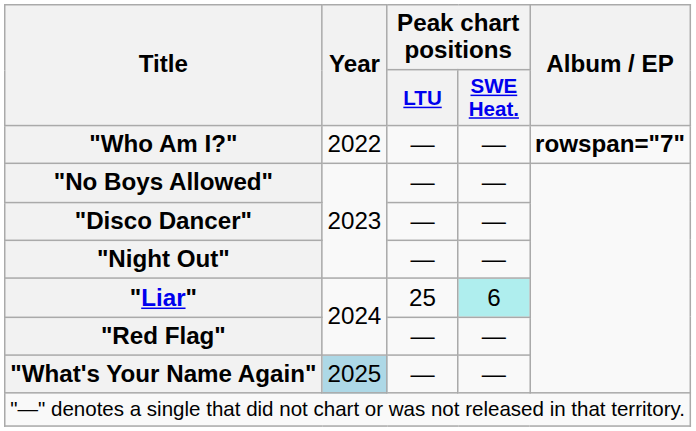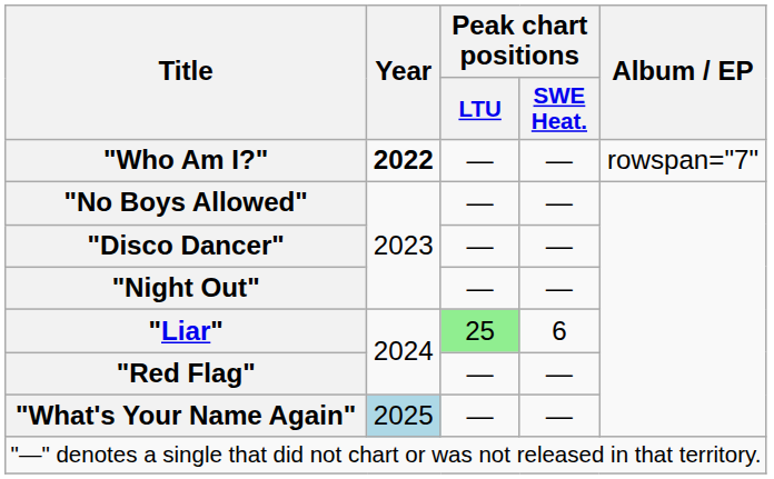 <table class="wikitable plainrowheaders" style="text-align:center;">
 <tr>
 <th scope="col" rowspan="2">Title</th>
 <th scope="col" rowspan="2">Year</th>
 <th scope="col" colspan="2">Peak chart positions</th>
 <th scope="col" rowspan="2">Album / EP</th>
 </tr>
 <tr>
 <th scope="col" style="width:3em;font-size:85%;"><a href='#'>LTU</a><br></th>
 <th scope="col" style="width:3em;font-size:85%;"><a href='#'>SWE<br>Heat.</a><br></th>
 </tr>
 <tr>
 <th scope="row">"Who Am I?"</th>
-<td>2022</td>
+<td><strong>2022</strong></td>
 <td>—</td>
 <td>—</td>
-<td><strong>rowspan="7" </strong></td>
+<td>rowspan="7" </td>
 </tr>
 <tr>
 <th scope="row">"No Boys Allowed"</th>
 <td rowspan="3">2023</td>
 <td>—</td>
 <td>—</td>
 </tr>
 <tr>
 <th scope="row">"Disco Dancer"</th>
 <td>—</td>
 <td>—</td>
 </tr>
 <tr>
 <th scope="row">"Night Out"</th>
 <td>—</td>
 <td>—</td>
 </tr>
 <tr>
 <th scope="row">"<a href='#'>Liar</a>"</th>
 <td rowspan="2">2024</td>
-<td>25</td>
-<td style="background: paleturquoise;">6</td>
+<td style="background: lightgreen;">25</td>
+<td>6</td>
 </tr>
 <tr>
 <th scope="row">"Red Flag"</th>
 <td>—</td>
 <td>—</td>
 </tr>
 <tr>
 <th scope="row">"What's Your Name Again"</th>
 <td style="background: lightblue;">2025</td>
 <td>—</td>
 <td>—</td>
 </tr>
 <tr>
 <td colspan="5" style="font-size:85%">"—" denotes a single that did not chart or was not released in that territory.</td>
 </tr>
 </table>
